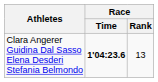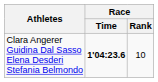 <table class="wikitable" border="1" style="font-size:90%">
 <tr>
 <th rowspan=2>Athletes</th>
 <th colspan=2>Race</th>
 </tr>
 <tr>
 <th>Time</th>
 <th>Rank</th>
 </tr>
 <tr>
 <td>Clara Angerer<br><a href='#'>Guidina Dal Sasso</a><br><a href='#'>Elena Desderi</a><br><a href='#'>Stefania Belmondo</a></td>
 <td align=center><strong>1'04:23.6</strong></td>
-<td align=center>13</td>
+<td align=center>10</td>
 </tr>
 </table>
